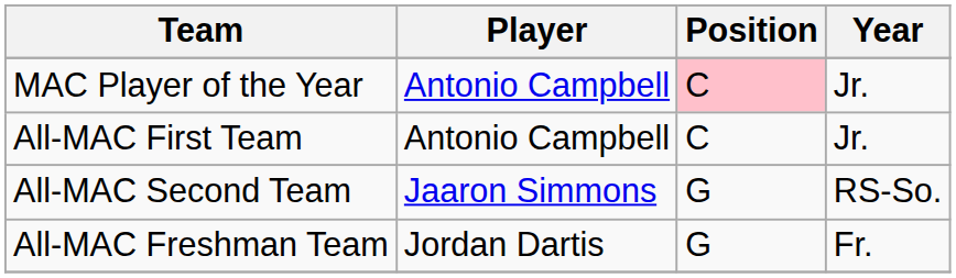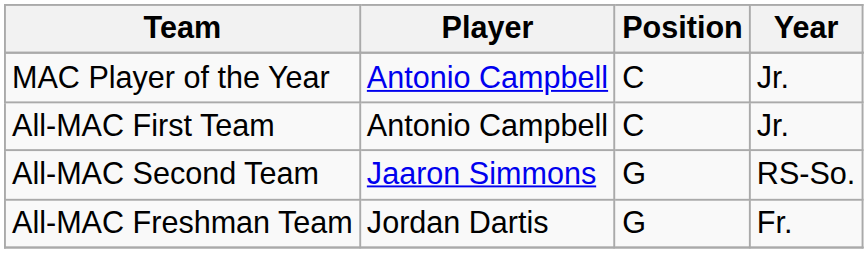 <table class="wikitable" border="1">
 <tr align=center>
 <th style= >Team</th>
 <th style= >Player</th>
 <th style= >Position</th>
 <th style= >Year</th>
 </tr>
 <tr align="center">
 </tr>
 <tr>
 <td>MAC Player of the Year</td>
 <td><a href='#'>Antonio Campbell</a></td>
-<td style="background: pink;">C</td>
+<td>C</td>
 <td>Jr.</td>
 </tr>
 <tr>
 <td>All-MAC First Team</td>
 <td>Antonio Campbell</td>
 <td>C</td>
 <td>Jr.</td>
 </tr>
 <tr>
 <td>All-MAC Second Team</td>
 <td><a href='#'>Jaaron Simmons</a></td>
 <td>G</td>
 <td>RS-So.</td>
 </tr>
 <tr>
 <td>All-MAC Freshman Team</td>
 <td>Jordan Dartis</td>
 <td>G</td>
 <td>Fr.</td>
 </tr>
 <tr>
 </tr>
 </table>
